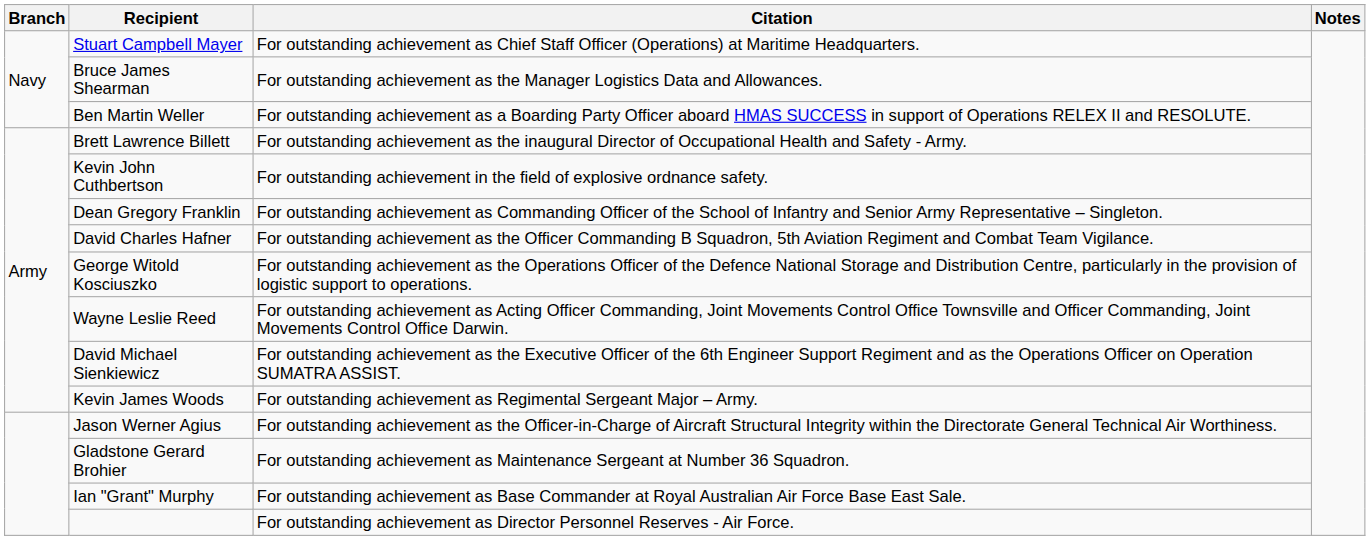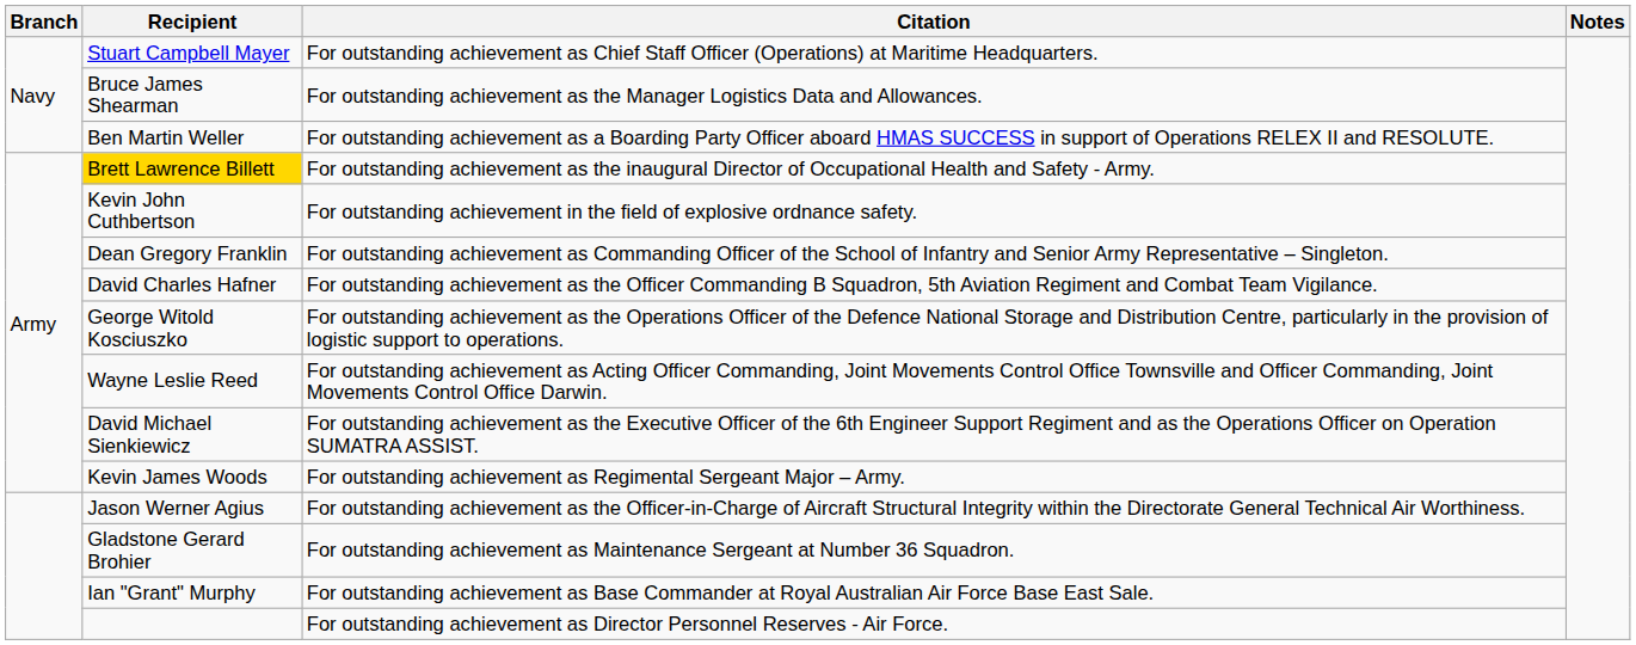 <table class="wikitable" style="font-size:95%;">
 <tr>
 <th>Branch</th>
 <th>Recipient</th>
 <th>Citation</th>
 <th>Notes</th>
 </tr>
 <tr>
 <td rowspan=3>Navy</td>
 <td> <a href='#'>Stuart Campbell Mayer</a> </td>
 <td>For outstanding achievement as Chief Staff Officer (Operations) at Maritime Headquarters.</td>
 <td rowspan=15></td>
 </tr>
 <tr>
 <td> Bruce James Shearman </td>
 <td>For outstanding achievement as the Manager Logistics Data and Allowances.</td>
 </tr>
 <tr>
 <td> Ben Martin Weller </td>
 <td>For outstanding achievement as a Boarding Party Officer aboard <a href='#'>HMAS SUCCESS</a> in support of Operations RELEX II and RESOLUTE.</td>
 </tr>
 <tr>
 <td rowspan=8>Army</td>
-<td> Brett Lawrence Billett</td>
+<td style="background: gold;"> Brett Lawrence Billett</td>
 <td>For outstanding achievement as the inaugural Director of Occupational Health and Safety - Army.</td>
 </tr>
 <tr>
 <td> Kevin John Cuthbertson</td>
 <td>For outstanding achievement in the field of explosive ordnance safety.</td>
 </tr>
 <tr>
 <td> Dean Gregory Franklin</td>
 <td>For outstanding achievement as Commanding Officer of the School of Infantry and Senior Army Representative – Singleton.</td>
 </tr>
 <tr>
 <td> David Charles Hafner</td>
 <td>For outstanding achievement as the Officer Commanding B Squadron, 5th Aviation Regiment and Combat Team Vigilance.</td>
 </tr>
 <tr>
 <td> George Witold Kosciuszko</td>
 <td>For outstanding achievement as the Operations Officer of the Defence National Storage and Distribution Centre, particularly in the provision of logistic support to operations.</td>
 </tr>
 <tr>
 <td> Wayne Leslie Reed</td>
 <td>For outstanding achievement as Acting Officer Commanding, Joint Movements Control Office Townsville and Officer Commanding, Joint Movements Control Office Darwin.</td>
 </tr>
 <tr>
 <td> David Michael Sienkiewicz</td>
 <td>For outstanding achievement as the Executive Officer of the 6th Engineer Support Regiment and as the Operations Officer on Operation SUMATRA ASSIST.</td>
 </tr>
 <tr>
 <td> Kevin James Woods </td>
 <td>For outstanding achievement as Regimental Sergeant Major – Army.</td>
 </tr>
 <tr>
 <td rowspan=4></td>
 <td> Jason Werner Agius</td>
 <td>For outstanding achievement as the Officer-in-Charge of Aircraft Structural Integrity within the Directorate General Technical Air Worthiness.</td>
 </tr>
 <tr>
 <td> Gladstone Gerard Brohier</td>
 <td>For outstanding achievement as Maintenance Sergeant at Number 36 Squadron.</td>
 </tr>
 <tr>
 <td> Ian "Grant" Murphy</td>
 <td>For outstanding achievement as Base Commander at Royal Australian Air Force Base East Sale.</td>
 </tr>
 <tr>
 <td></td>
 <td>For outstanding achievement as Director Personnel Reserves - Air Force.</td>
 </tr>
 </table>
